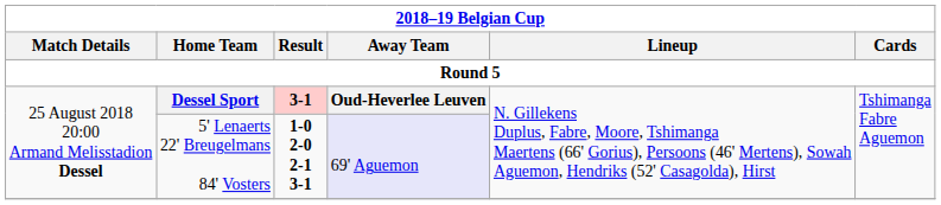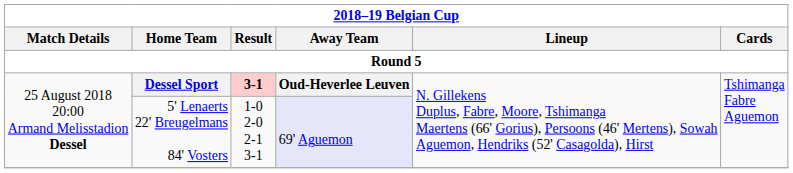 <table class="wikitable" style="font-size:85%">
 <tr>
 <td colspan="6" align="center" style="background:white;"><strong><a href='#'>2018–19 Belgian Cup</a></strong></td>
 </tr>
 <tr>
 <th>Match Details</th>
 <th>Home Team</th>
 <th>Result</th>
 <th>Away Team</th>
 <th>Lineup</th>
 <th>Cards</th>
 </tr>
 <tr>
 <td style="background:white;" align="center" colspan="6"><strong>Round 5</strong></td>
 </tr>
 <tr>
 <td rowspan="2" align="center">25 August 2018<br>20:00<br><a href='#'>Armand Melisstadion</a><br><strong>Dessel</strong><br></td>
 <th><strong><a href='#'>Dessel Sport</a></strong></th>
 <th style="background: #FFCCCC;">3-1</th>
 <th><strong>Oud-Heverlee Leuven</strong></th>
 <td rowspan="2"><a href='#'>N. Gillekens</a><br><a href='#'>Duplus</a>, <a href='#'>Fabre</a>, <a href='#'>Moore</a>, <a href='#'>Tshimanga</a><br><a href='#'>Maertens</a> (66' <a href='#'>Gorius</a>), <a href='#'>Persoons</a> (46' <a href='#'>Mertens</a>), <a href='#'>Sowah</a><br><a href='#'>Aguemon</a>, <a href='#'>Hendriks</a> (52' <a href='#'>Casagolda</a>), <a href='#'>Hirst</a></td>
 <td rowspan="2" valign="top"> <a href='#'>Tshimanga</a><br> <a href='#'>Fabre</a><br> <a href='#'>Aguemon</a></td>
 </tr>
 <tr valign="top">
 <td align="right">5' <a href='#'>Lenaerts</a><br>22'  <a href='#'>Breugelmans</a><br><br>84' <a href='#'>Vosters</a></td>
-<td align="center"><strong>1-0<br>2-0<br>2-1<br>3-1</strong></td>
+<td align="center">1-0<br>2-0<br>2-1<br>3-1</td>
 <td style="background: lavender;"><br><br>69' <a href='#'>Aguemon</a></td>
 </tr>
 <tr>
 </tr>
 </table>
